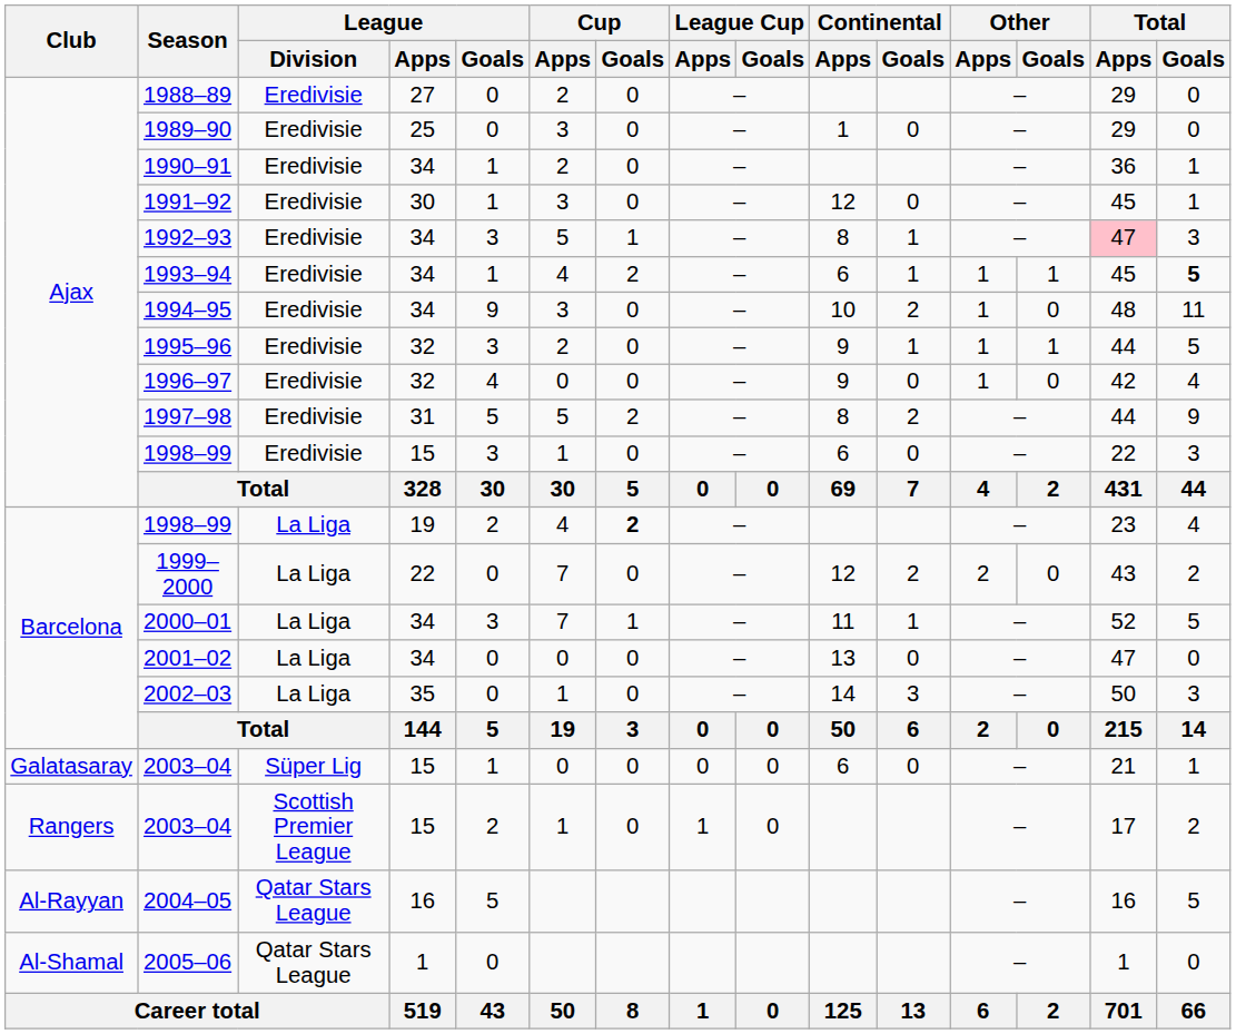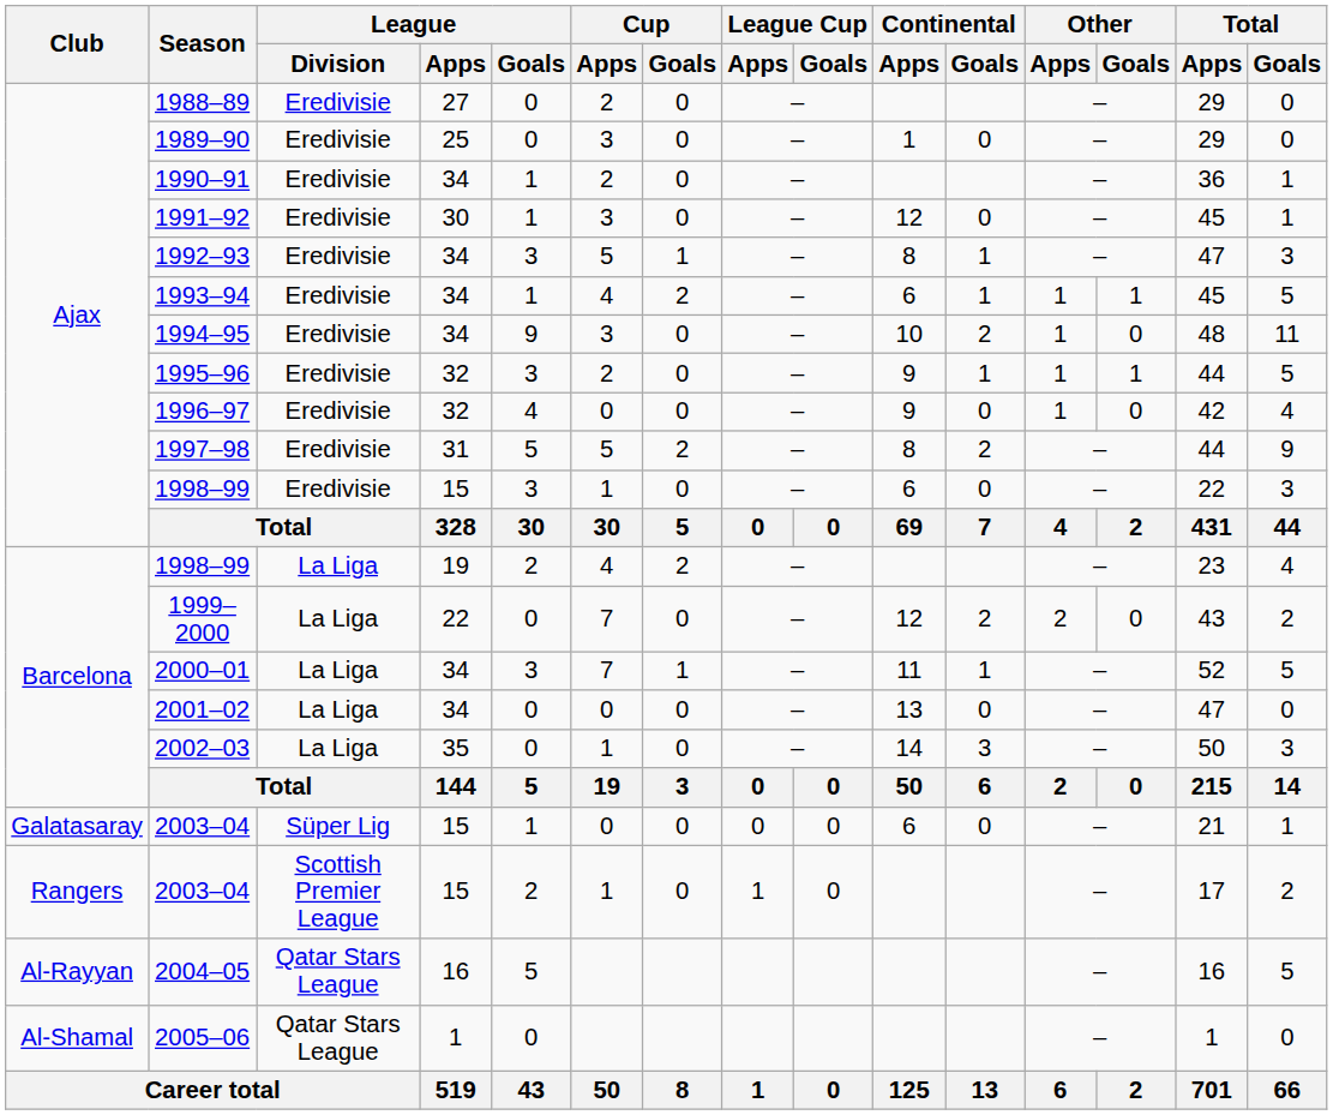 <table class="wikitable" style="text-align:center">
 <tr>
 <th rowspan="2">Club</th>
 <th rowspan="2">Season</th>
 <th colspan="3">League</th>
 <th colspan="2">Cup</th>
 <th colspan="2">League Cup</th>
 <th colspan="2">Continental</th>
 <th colspan="2">Other</th>
 <th colspan="2">Total</th>
 </tr>
 <tr>
 <th>Division</th>
 <th>Apps</th>
 <th>Goals</th>
 <th>Apps</th>
 <th>Goals</th>
 <th>Apps</th>
 <th>Goals</th>
 <th>Apps</th>
 <th>Goals</th>
 <th>Apps</th>
 <th>Goals</th>
 <th>Apps</th>
 <th>Goals</th>
 </tr>
 <tr>
 <td rowspan="12"><a href='#'>Ajax</a></td>
 <td><a href='#'>1988–89</a></td>
 <td><a href='#'>Eredivisie</a></td>
 <td>27</td>
 <td>0</td>
 <td>2</td>
 <td>0</td>
 <td colspan="2">–</td>
 <td></td>
 <td></td>
 <td colspan="2">–</td>
 <td>29</td>
 <td>0</td>
 </tr>
 <tr>
 <td><a href='#'>1989–90</a></td>
 <td>Eredivisie</td>
 <td>25</td>
 <td>0</td>
 <td>3</td>
 <td>0</td>
 <td colspan="2">–</td>
 <td>1</td>
 <td>0</td>
 <td colspan="2">–</td>
 <td>29</td>
 <td>0</td>
 </tr>
 <tr>
 <td><a href='#'>1990–91</a></td>
 <td>Eredivisie</td>
 <td>34</td>
 <td>1</td>
 <td>2</td>
 <td>0</td>
 <td colspan="2">–</td>
 <td></td>
 <td></td>
 <td colspan="2">–</td>
 <td>36</td>
 <td>1</td>
 </tr>
 <tr>
 <td><a href='#'>1991–92</a></td>
 <td>Eredivisie</td>
 <td>30</td>
 <td>1</td>
 <td>3</td>
 <td>0</td>
 <td colspan="2">–</td>
 <td>12</td>
 <td>0</td>
 <td colspan="2">–</td>
 <td>45</td>
 <td>1</td>
 </tr>
 <tr>
 <td><a href='#'>1992–93</a></td>
 <td>Eredivisie</td>
 <td>34</td>
 <td>3</td>
 <td>5</td>
 <td>1</td>
 <td colspan="2">–</td>
 <td>8</td>
 <td>1</td>
 <td colspan="2">–</td>
-<td style="background: pink;">47</td>
+<td>47</td>
 <td>3</td>
 </tr>
 <tr>
 <td><a href='#'>1993–94</a></td>
 <td>Eredivisie</td>
 <td>34</td>
 <td>1</td>
 <td>4</td>
 <td>2</td>
 <td colspan="2">–</td>
 <td>6</td>
 <td>1</td>
 <td>1</td>
 <td>1</td>
 <td>45</td>
-<td><strong>5</strong></td>
+<td>5</td>
 </tr>
 <tr>
 <td><a href='#'>1994–95</a></td>
 <td>Eredivisie</td>
 <td>34</td>
 <td>9</td>
 <td>3</td>
 <td>0</td>
 <td colspan="2">–</td>
 <td>10</td>
 <td>2</td>
 <td>1</td>
 <td>0</td>
 <td>48</td>
 <td>11</td>
 </tr>
 <tr>
 <td><a href='#'>1995–96</a></td>
 <td>Eredivisie</td>
 <td>32</td>
 <td>3</td>
 <td>2</td>
 <td>0</td>
 <td colspan="2">–</td>
 <td>9</td>
 <td>1</td>
 <td>1</td>
 <td>1</td>
 <td>44</td>
 <td>5</td>
 </tr>
 <tr>
 <td><a href='#'>1996–97</a></td>
 <td>Eredivisie</td>
 <td>32</td>
 <td>4</td>
 <td>0</td>
 <td>0</td>
 <td colspan="2">–</td>
 <td>9</td>
 <td>0</td>
 <td>1</td>
 <td>0</td>
 <td>42</td>
 <td>4</td>
 </tr>
 <tr>
 <td><a href='#'>1997–98</a></td>
 <td>Eredivisie</td>
 <td>31</td>
 <td>5</td>
 <td>5</td>
 <td>2</td>
 <td colspan="2">–</td>
 <td>8</td>
 <td>2</td>
 <td colspan="2">–</td>
 <td>44</td>
 <td>9</td>
 </tr>
 <tr>
 <td><a href='#'>1998–99</a></td>
 <td>Eredivisie</td>
 <td>15</td>
 <td>3</td>
 <td>1</td>
 <td>0</td>
 <td colspan="2">–</td>
 <td>6</td>
 <td>0</td>
 <td colspan="2">–</td>
 <td>22</td>
 <td>3</td>
 </tr>
 <tr>
 <th colspan="2">Total</th>
 <th>328</th>
 <th>30</th>
 <th>30</th>
 <th>5</th>
 <th>0</th>
 <th>0</th>
 <th>69</th>
 <th>7</th>
 <th>4</th>
 <th>2</th>
 <th>431</th>
 <th>44</th>
 </tr>
 <tr>
 <td rowspan="6"><a href='#'>Barcelona</a></td>
 <td><a href='#'>1998–99</a></td>
 <td><a href='#'>La Liga</a></td>
 <td>19</td>
 <td>2</td>
 <td>4</td>
-<td><strong>2</strong></td>
+<td>2</td>
 <td colspan="2">–</td>
 <td></td>
 <td></td>
 <td colspan="2">–</td>
 <td>23</td>
 <td>4</td>
 </tr>
 <tr>
 <td><a href='#'>1999–2000</a></td>
 <td>La Liga</td>
 <td>22</td>
 <td>0</td>
 <td>7</td>
 <td>0</td>
 <td colspan="2">–</td>
 <td>12</td>
 <td>2</td>
 <td>2</td>
 <td>0</td>
 <td>43</td>
 <td>2</td>
 </tr>
 <tr>
 <td><a href='#'>2000–01</a></td>
 <td>La Liga</td>
 <td>34</td>
 <td>3</td>
 <td>7</td>
 <td>1</td>
 <td colspan="2">–</td>
 <td>11</td>
 <td>1</td>
 <td colspan="2">–</td>
 <td>52</td>
 <td>5</td>
 </tr>
 <tr>
 <td><a href='#'>2001–02</a></td>
 <td>La Liga</td>
 <td>34</td>
 <td>0</td>
 <td>0</td>
 <td>0</td>
 <td colspan="2">–</td>
 <td>13</td>
 <td>0</td>
 <td colspan="2">–</td>
 <td>47</td>
 <td>0</td>
 </tr>
 <tr>
 <td><a href='#'>2002–03</a></td>
 <td>La Liga</td>
 <td>35</td>
 <td>0</td>
 <td>1</td>
 <td>0</td>
 <td colspan="2">–</td>
 <td>14</td>
 <td>3</td>
 <td colspan="2">–</td>
 <td>50</td>
 <td>3</td>
 </tr>
 <tr>
 <th colspan="2">Total</th>
 <th>144</th>
 <th>5</th>
 <th>19</th>
 <th>3</th>
 <th>0</th>
 <th>0</th>
 <th>50</th>
 <th>6</th>
 <th>2</th>
 <th>0</th>
 <th>215</th>
 <th>14</th>
 </tr>
 <tr>
 <td><a href='#'>Galatasaray</a></td>
 <td><a href='#'>2003–04</a></td>
 <td><a href='#'>Süper Lig</a></td>
 <td>15</td>
 <td>1</td>
 <td>0</td>
 <td>0</td>
 <td>0</td>
 <td>0</td>
 <td>6</td>
 <td>0</td>
 <td colspan="2">–</td>
 <td>21</td>
 <td>1</td>
 </tr>
 <tr>
 <td><a href='#'>Rangers</a></td>
 <td><a href='#'>2003–04</a></td>
 <td><a href='#'>Scottish Premier League</a></td>
 <td>15</td>
 <td>2</td>
 <td>1</td>
 <td>0</td>
 <td>1</td>
 <td>0</td>
 <td></td>
 <td></td>
 <td colspan="2">–</td>
 <td>17</td>
 <td>2</td>
 </tr>
 <tr>
 <td><a href='#'>Al-Rayyan</a></td>
 <td><a href='#'>2004–05</a></td>
 <td><a href='#'>Qatar Stars League</a></td>
 <td>16</td>
 <td>5</td>
 <td></td>
 <td></td>
 <td></td>
 <td></td>
 <td></td>
 <td></td>
 <td colspan="2">–</td>
 <td>16</td>
 <td>5</td>
 </tr>
 <tr>
 <td><a href='#'>Al-Shamal</a></td>
 <td><a href='#'>2005–06</a></td>
 <td>Qatar Stars League</td>
 <td>1</td>
 <td>0</td>
 <td></td>
 <td></td>
 <td></td>
 <td></td>
 <td></td>
 <td></td>
 <td colspan="2">–</td>
 <td>1</td>
 <td>0</td>
 </tr>
 <tr>
 <th colspan="3">Career total</th>
 <th>519</th>
 <th>43</th>
 <th>50</th>
 <th>8</th>
 <th>1</th>
 <th>0</th>
 <th>125</th>
 <th>13</th>
 <th>6</th>
 <th>2</th>
 <th>701</th>
 <th>66</th>
 </tr>
 </table>
